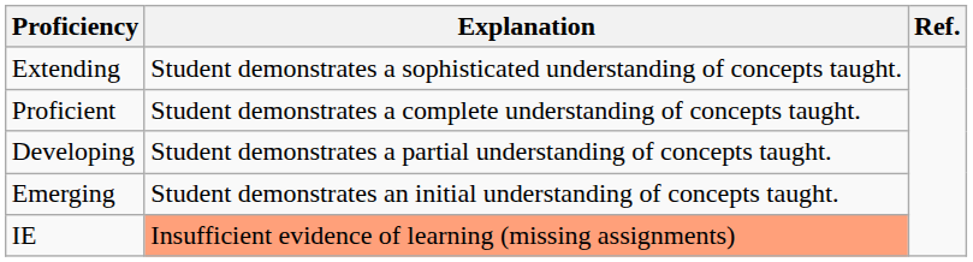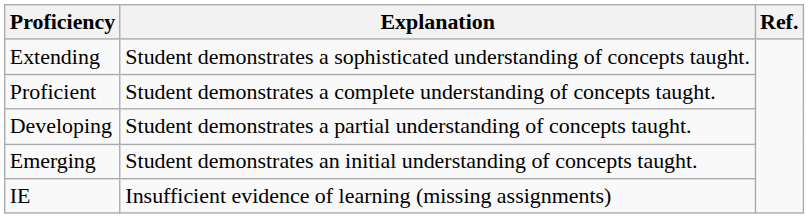 <table class="wikitable">
 <tr>
 <th>Proficiency</th>
 <th>Explanation</th>
 <th>Ref.</th>
 </tr>
 <tr>
 <td>Extending</td>
 <td>Student demonstrates a sophisticated understanding of concepts taught.</td>
 <td rowspan="5"></td>
 </tr>
 <tr>
 <td>Proficient</td>
 <td>Student demonstrates a complete understanding of concepts taught.</td>
 </tr>
 <tr>
 <td>Developing</td>
 <td>Student demonstrates a partial understanding of concepts taught.</td>
 </tr>
 <tr>
 <td>Emerging</td>
 <td>Student demonstrates an initial understanding of concepts taught.</td>
 </tr>
 <tr>
 <td>IE</td>
-<td style="background: lightsalmon;">Insufficient evidence of learning (missing assignments)</td>
+<td>Insufficient evidence of learning (missing assignments)</td>
 </tr>
 </table>
